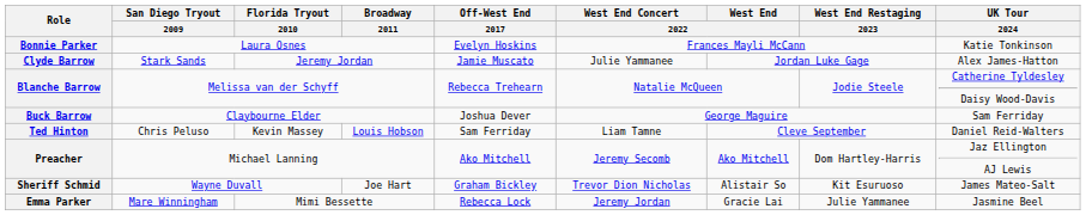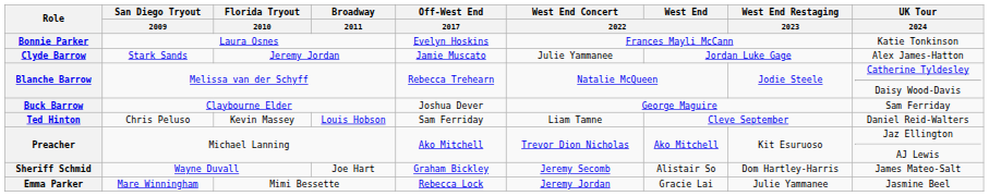 <table class="wikitable" style="width:90%;">
 <tr>
 <th rowspan=2>Role</th>
 <th>San Diego Tryout</th>
 <th>Florida Tryout</th>
 <th>Broadway</th>
 <th>Off-West End</th>
 <th>West End Concert</th>
 <th>West End</th>
 <th>West End Restaging</th>
 <th>UK Tour</th>
 </tr>
 <tr>
 <th><small>2009</small></th>
 <th><small>2010</small></th>
 <th><small>2011</small></th>
 <th><small>2017</small></th>
 <th colspan=2><small>2022</small></th>
 <th colspan=1><small>2023</small></th>
 <th><small>2024</small></th>
 </tr>
 <tr>
 <th scope="row"><a href='#'>Bonnie Parker</a></th>
 <td style="text-align:center;" colspan="3"><a href='#'>Laura Osnes</a></td>
 <td align=center><a href='#'>Evelyn Hoskins</a></td>
 <td colspan=3 style="text-align:center;"><a href='#'>Frances Mayli McCann</a></td>
 <td style="text-align:center;">Katie Tonkinson</td>
 </tr>
 <tr>
 <th scope="row"><a href='#'>Clyde Barrow</a></th>
 <td style="text-align:center;"><a href='#'>Stark Sands</a></td>
 <td style="text-align:center;" colspan="2"><a href='#'>Jeremy Jordan</a></td>
 <td align=center><a href='#'>Jamie Muscato</a></td>
 <td style="text-align:center;">Julie Yammanee</td>
 <td colspan=2 style="text-align:center;"><a href='#'>Jordan Luke Gage</a></td>
 <td style="text-align:center;">Alex James-Hatton</td>
 </tr>
 <tr>
 <th scope="row"><a href='#'>Blanche Barrow</a></th>
 <td style="text-align:center;" colspan="3"><a href='#'>Melissa van der Schyff</a></td>
 <td align=center><a href='#'>Rebecca Trehearn</a></td>
 <td colspan=2 style="text-align:center;"><a href='#'>Natalie McQueen</a></td>
 <td style="text-align:center;"><a href='#'>Jodie Steele</a></td>
 <td style="text-align:center;"><a href='#'>Catherine Tyldesley</a> <hr> Daisy Wood-Davis</td>
 </tr>
 <tr>
 <th scope="row"><a href='#'>Buck Barrow</a></th>
 <td style="text-align:center;" colspan="3"><a href='#'>Claybourne Elder</a></td>
 <td align=center>Joshua Dever</td>
 <td colspan=3 style="text-align:center;"><a href='#'>George Maguire</a></td>
 <td style="text-align:center;">Sam Ferriday</td>
 </tr>
 <tr>
 <th scope="row"><a href='#'>Ted Hinton</a></th>
 <td style="text-align:center;">Chris Peluso</td>
 <td style="text-align:center;">Kevin Massey</td>
 <td style="text-align:center;"><a href='#'>Louis Hobson</a></td>
 <td align=center>Sam Ferriday</td>
 <td style="text-align:center;">Liam Tamne</td>
 <td colspan=2 style="text-align:center;"><a href='#'>Cleve September</a></td>
 <td align=center>Daniel Reid-Walters</td>
 </tr>
 <tr>
 <th scope="row">Preacher</th>
 <td style="text-align:center;" colspan="3">Michael Lanning</td>
 <td align=center><a href='#'>Ako Mitchell</a></td>
-<td style="text-align:center;"><a href='#'>Jeremy Secomb</a></td>
+<td style="text-align:center;"><a href='#'>Trevor Dion Nicholas</a></td>
 <td style="text-align:center;"><a href='#'>Ako Mitchell</a></td>
-<td style="text-align:center;">Dom Hartley-Harris</td>
+<td style="text-align:center;">Kit Esuruoso</td>
 <td style="text-align:center;">Jaz Ellington<hr>AJ Lewis</td>
 </tr>
 <tr>
 <th scope="row">Sheriff Schmid</th>
 <td style="text-align:center;" colspan="2"><a href='#'>Wayne Duvall</a></td>
 <td style="text-align:center;">Joe Hart</td>
 <td align=center><a href='#'>Graham Bickley</a></td>
-<td style="text-align:center;"><a href='#'>Trevor Dion Nicholas</a></td>
+<td style="text-align:center;"><a href='#'>Jeremy Secomb</a></td>
 <td style="text-align:center;">Alistair So</td>
-<td style="text-align:center;">Kit Esuruoso</td>
+<td style="text-align:center;">Dom Hartley-Harris</td>
 <td style="text-align:center;">James Mateo-Salt</td>
 </tr>
 <tr>
 <th scope="row">Emma Parker</th>
 <td style="text-align:center;"><a href='#'>Mare Winningham</a></td>
 <td style="text-align:center;" colspan="2">Mimi Bessette</td>
 <td align=center><a href='#'>Rebecca Lock</a></td>
 <td align=center><a href='#'>Jeremy Jordan</a></td>
 <td style="text-align:center;">Gracie Lai</td>
 <td style="text-align:center;">Julie Yammanee</td>
 <td style="text-align:center;">Jasmine Beel</td>
 </tr>
 </table>
